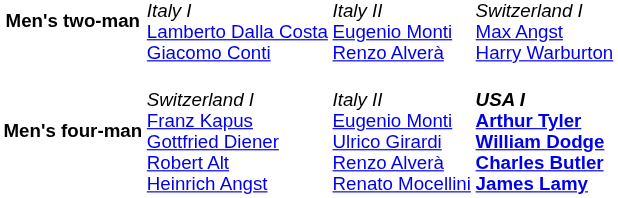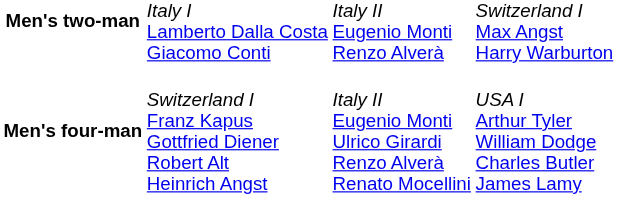 <table>
 <tr>
 <th scope="row">Men's two-man<br></th>
 <td><br><em>Italy I</em><br><a href='#'>Lamberto Dalla Costa</a><br><a href='#'>Giacomo Conti</a></td>
 <td><br><em>Italy II</em><br><a href='#'>Eugenio Monti</a><br><a href='#'>Renzo Alverà</a></td>
 <td><br><em>Switzerland I</em><br><a href='#'>Max Angst</a><br><a href='#'>Harry Warburton</a></td>
 </tr>
 <tr>
 <th scope="row">Men's four-man<br></th>
 <td><br><em>Switzerland I</em><br><a href='#'>Franz Kapus</a><br><a href='#'>Gottfried Diener</a><br><a href='#'>Robert Alt</a><br><a href='#'>Heinrich Angst</a></td>
 <td><br><em>Italy II</em><br><a href='#'>Eugenio Monti</a><br><a href='#'>Ulrico Girardi</a><br><a href='#'>Renzo Alverà</a><br><a href='#'>Renato Mocellini</a></td>
-<td><strong><br><em>USA I</em><br><a href='#'>Arthur Tyler</a><br><a href='#'>William Dodge</a><br><a href='#'>Charles Butler</a><br><a href='#'>James Lamy</a></strong></td>
+<td><br><em>USA I</em><br><a href='#'>Arthur Tyler</a><br><a href='#'>William Dodge</a><br><a href='#'>Charles Butler</a><br><a href='#'>James Lamy</a></td>
 </tr>
 </table>
